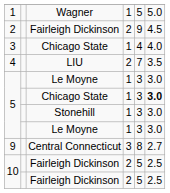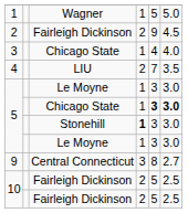 <table class="wikitable sortable" style="text-align:center">
 <tr>
 </tr>
 <tr>
 <td>1</td>
 <td></td>
 <td>Wagner</td>
 <td>1</td>
 <td>5</td>
 <td>5.0</td>
 </tr>
 <tr>
 <td>2</td>
 <td></td>
 <td>Fairleigh Dickinson</td>
 <td>2</td>
 <td>9</td>
 <td>4.5</td>
 </tr>
 <tr>
 <td>3</td>
 <td></td>
 <td>Chicago State</td>
 <td>1</td>
 <td>4</td>
 <td>4.0</td>
 </tr>
 <tr>
 <td>4</td>
 <td></td>
 <td>LIU</td>
 <td>2</td>
 <td>7</td>
 <td>3.5</td>
 </tr>
 <tr>
 <td rowspan="4">5</td>
 <td></td>
 <td>Le Moyne</td>
 <td>1</td>
 <td>3</td>
 <td>3.0</td>
 </tr>
 <tr>
 <td></td>
 <td>Chicago State</td>
 <td>1</td>
-<td>3</td>
+<td><strong>3</strong></td>
 <td><strong>3.0</strong></td>
 </tr>
 <tr>
 <td></td>
 <td>Stonehill</td>
-<td>1</td>
+<td><strong>1</strong></td>
 <td>3</td>
 <td>3.0</td>
 </tr>
 <tr>
 <td></td>
 <td>Le Moyne</td>
 <td>1</td>
 <td>3</td>
 <td>3.0</td>
 </tr>
 <tr>
 <td>9</td>
 <td></td>
 <td>Central Connecticut</td>
 <td>3</td>
 <td>8</td>
 <td>2.7</td>
 </tr>
 <tr>
 <td rowspan="2">10</td>
 <td></td>
 <td>Fairleigh Dickinson</td>
 <td>2</td>
 <td>5</td>
 <td>2.5</td>
 </tr>
 <tr>
 <td></td>
 <td>Fairleigh Dickinson</td>
 <td>2</td>
 <td>5</td>
 <td>2.5</td>
 </tr>
 </table>
